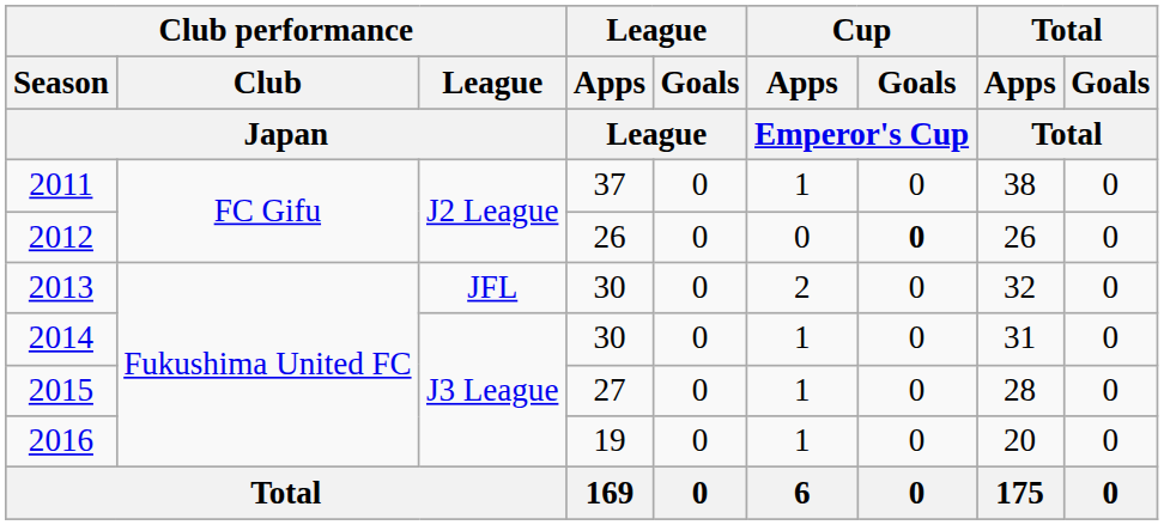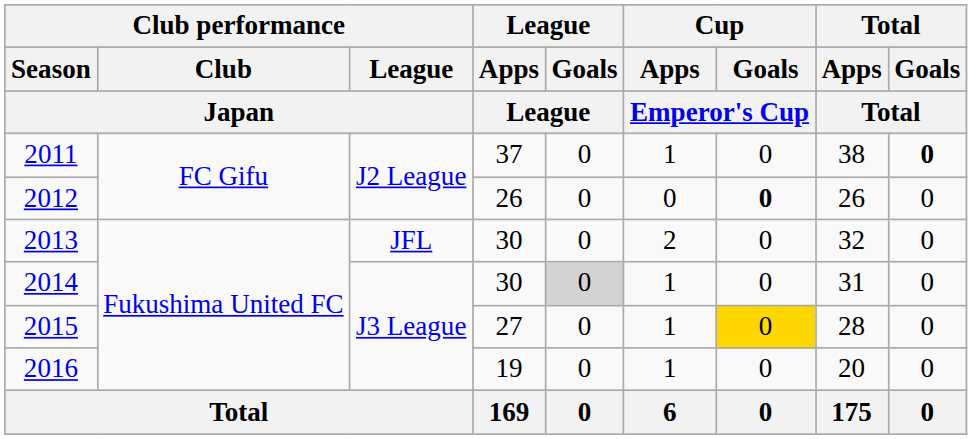 <table class="wikitable" style="text-align:center;">
 <tr>
 <th colspan=3>Club performance</th>
 <th colspan=2>League</th>
 <th colspan=2>Cup</th>
 <th colspan=2>Total</th>
 </tr>
 <tr>
 <th>Season</th>
 <th>Club</th>
 <th>League</th>
 <th>Apps</th>
 <th>Goals</th>
 <th>Apps</th>
 <th>Goals</th>
 <th>Apps</th>
 <th>Goals</th>
 </tr>
 <tr>
 <th colspan=3>Japan</th>
 <th colspan=2>League</th>
 <th colspan=2><a href='#'>Emperor's Cup</a></th>
 <th colspan=2>Total</th>
 </tr>
 <tr>
 <td><a href='#'>2011</a></td>
 <td rowspan="2"><a href='#'>FC Gifu</a></td>
 <td rowspan="2"><a href='#'>J2 League</a></td>
 <td>37</td>
 <td>0</td>
 <td>1</td>
 <td>0</td>
 <td>38</td>
-<td>0</td>
+<td><strong>0</strong></td>
 </tr>
 <tr>
 <td><a href='#'>2012</a></td>
 <td>26</td>
 <td>0</td>
 <td>0</td>
 <td><strong>0</strong></td>
 <td>26</td>
 <td>0</td>
 </tr>
 <tr>
 <td><a href='#'>2013</a></td>
 <td rowspan="4"><a href='#'>Fukushima United FC</a></td>
 <td><a href='#'>JFL</a></td>
 <td>30</td>
 <td>0</td>
 <td>2</td>
 <td>0</td>
 <td>32</td>
 <td>0</td>
 </tr>
 <tr>
 <td><a href='#'>2014</a></td>
 <td rowspan="3"><a href='#'>J3 League</a></td>
 <td>30</td>
-<td>0</td>
+<td style="background: lightgrey;">0</td>
 <td>1</td>
 <td>0</td>
 <td>31</td>
 <td>0</td>
 </tr>
 <tr>
 <td><a href='#'>2015</a></td>
 <td>27</td>
 <td>0</td>
 <td>1</td>
-<td>0</td>
+<td style="background: gold;">0</td>
 <td>28</td>
 <td>0</td>
 </tr>
 <tr>
 <td><a href='#'>2016</a></td>
 <td>19</td>
 <td>0</td>
 <td>1</td>
 <td>0</td>
 <td>20</td>
 <td>0</td>
 </tr>
 <tr>
 <th colspan=3>Total</th>
 <th>169</th>
 <th>0</th>
 <th>6</th>
 <th>0</th>
 <th>175</th>
 <th>0</th>
 </tr>
 </table>
